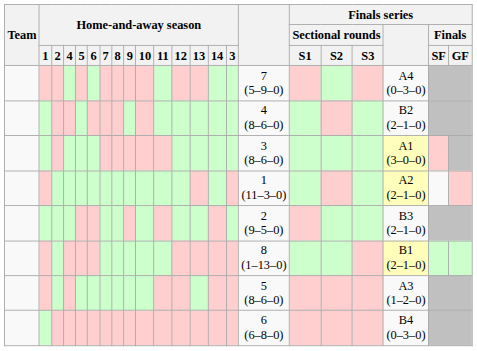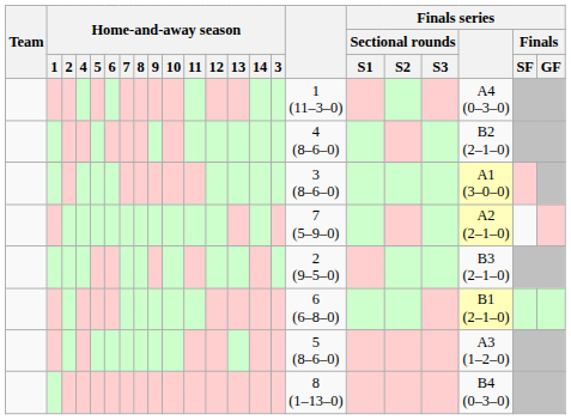 <table class="wikitable sortable" style="font-size:85%; text-align:center">
 <tr>
 <th rowspan=3>Team</th>
 <th colspan=14 rowspan=2>Home-and-away season</th>
 <th rowspan=3></th>
 <th colspan=6>Finals series</th>
 </tr>
 <tr>
 <th colspan=3>Sectional rounds</th>
 <th rowspan=2></th>
 <th colspan=2>Finals</th>
 </tr>
 <tr>
 <th>1</th>
 <th>2</th>
 <th>4</th>
 <th>5</th>
 <th>6</th>
 <th>7</th>
 <th>8</th>
 <th>9</th>
 <th>10</th>
 <th>11</th>
 <th>12</th>
 <th>13</th>
 <th>14</th>
 <th>3</th>
 <th>S1</th>
 <th>S2</th>
 <th>S3</th>
 <th>SF</th>
 <th>GF</th>
 </tr>
 <tr>
 <td align=left></td>
 <td bgcolor=FFCFCF><strong></strong></td>
 <td bgcolor=FFCFCF></td>
 <td bgcolor=CCFFCC></td>
 <td bgcolor=FFCFCF><strong></strong></td>
 <td bgcolor=CCFFCC><strong></strong></td>
 <td bgcolor=FFCFCF></td>
 <td bgcolor=FFCFCF></td>
 <td bgcolor=FFCFCF><strong></strong></td>
 <td bgcolor=FFCFCF></td>
 <td bgcolor=CCFFCC><strong></strong></td>
 <td bgcolor=FFCFCF></td>
 <td bgcolor=FFCFCF></td>
 <td bgcolor=CCFFCC><strong></strong></td>
 <td bgcolor=CCFFCC><strong></strong></td>
-<td>7<br>(5–9–0)</td>
+<td>1<br>(11–3–0)</td>
 <td bgcolor=FFCFCF></td>
 <td bgcolor=CCFFCC><strong></strong></td>
 <td bgcolor=FFCFCF></td>
 <td>A4<br>(0–3–0)</td>
 <td colspan=2 bgcolor=C0C0C0></td>
 </tr>
 <tr>
 <td align=left></td>
 <td bgcolor=CCFFCC><strong></strong></td>
 <td bgcolor=FFCFCF></td>
 <td bgcolor=FFCFCF></td>
 <td bgcolor=CCFFCC><strong></strong></td>
 <td bgcolor=FFCFCF></td>
 <td bgcolor=FFCFCF></td>
 <td bgcolor=FFCFCF></td>
 <td bgcolor=CCFFCC><strong></strong></td>
 <td bgcolor=FFCFCF></td>
 <td bgcolor=CCFFCC><strong></strong></td>
 <td bgcolor=CCFFCC></td>
 <td bgcolor=CCFFCC><strong></strong></td>
 <td bgcolor=CCFFCC><strong></strong></td>
 <td bgcolor=CCFFCC><strong></strong></td>
 <td>4<br>(8–6–0)</td>
 <td bgcolor=CCFFCC><strong></strong></td>
 <td bgcolor=FFCFCF></td>
 <td bgcolor=CCFFCC></td>
 <td>B2<br>(2–1–0)</td>
 <td colspan=2 bgcolor=C0C0C0></td>
 </tr>
 <tr>
 <td align=left></td>
 <td bgcolor=CCFFCC><strong></strong></td>
 <td bgcolor=FFCFCF></td>
 <td bgcolor=CCFFCC><strong></strong></td>
 <td bgcolor=CCFFCC></td>
 <td bgcolor=CCFFCC></td>
 <td bgcolor=FFCFCF></td>
 <td bgcolor=FFCFCF></td>
 <td bgcolor=FFCFCF><strong></strong></td>
 <td bgcolor=FFCFCF></td>
 <td bgcolor=FFCFCF></td>
 <td bgcolor=CCFFCC><strong></strong></td>
 <td bgcolor=CCFFCC><strong></strong></td>
 <td bgcolor=CCFFCC><strong></strong></td>
 <td bgcolor=CCFFCC><strong></strong></td>
 <td>3<br>(8–6–0)</td>
 <td bgcolor=CCFFCC></td>
 <td bgcolor=CCFFCC><strong></strong></td>
 <td bgcolor=CCFFCC><strong></strong></td>
 <td bgcolor=FFFFBB>A1<br>(3–0–0)</td>
 <td bgcolor=FFCFCF><strong></strong></td>
 <td bgcolor=C0C0C0></td>
 </tr>
 <tr>
 <td align=left></td>
 <td bgcolor=FFCFCF></td>
 <td bgcolor=CCFFCC><strong></strong></td>
 <td bgcolor=CCFFCC><strong></strong></td>
 <td bgcolor=CCFFCC></td>
 <td bgcolor=CCFFCC><strong></strong></td>
 <td bgcolor=CCFFCC><strong></strong></td>
 <td bgcolor=CCFFCC><strong></strong></td>
 <td bgcolor=CCFFCC></td>
 <td bgcolor=CCFFCC><strong></strong></td>
 <td bgcolor=CCFFCC></td>
 <td bgcolor=CCFFCC><strong></strong></td>
 <td bgcolor=FFCFCF></td>
 <td bgcolor=CCFFCC></td>
 <td bgcolor=FFCFCF></td>
-<td>1<br>(11–3–0)</td>
+<td>7<br>(5–9–0)</td>
 <td bgcolor=CCFFCC><strong></strong></td>
 <td bgcolor=FFCFCF></td>
 <td bgcolor=CCFFCC><strong></strong></td>
 <td bgcolor=FFFFBB>A2<br>(2–1–0)</td>
 <td></td>
 <td bgcolor=FFCFCF><strong></strong></td>
 </tr>
 <tr>
 <td align=left></td>
 <td bgcolor=CCFFCC></td>
 <td bgcolor=CCFFCC><strong></strong></td>
 <td bgcolor=CCFFCC><strong></strong></td>
 <td bgcolor=FFCFCF></td>
 <td bgcolor=FFCFCF></td>
 <td bgcolor=CCFFCC><strong></strong></td>
 <td bgcolor=CCFFCC><strong></strong></td>
 <td bgcolor=FFCFCF></td>
 <td bgcolor=CCFFCC><strong></strong></td>
 <td bgcolor=FFCFCF></td>
 <td bgcolor=CCFFCC><strong></strong></td>
 <td bgcolor=CCFFCC><strong></strong></td>
 <td bgcolor=FFCFCF></td>
 <td bgcolor=CCFFCC></td>
 <td>2<br>(9–5–0)</td>
 <td bgcolor=FFCFCF></td>
 <td bgcolor=CCFFCC><strong></strong></td>
 <td bgcolor=CCFFCC></td>
 <td>B3<br>(2–1–0)</td>
 <td colspan=2 bgcolor=C0C0C0></td>
 </tr>
 <tr>
 <td align=left></td>
 <td bgcolor=FFCFCF></td>
 <td bgcolor=CCFFCC><strong></strong></td>
 <td bgcolor=FFCFCF></td>
 <td bgcolor=FFCFCF><strong></strong></td>
 <td bgcolor=FFCFCF></td>
 <td bgcolor=CCFFCC><strong></strong></td>
 <td bgcolor=CCFFCC><strong></strong></td>
 <td bgcolor=CCFFCC></td>
 <td bgcolor=CCFFCC><strong></strong></td>
 <td bgcolor=CCFFCC><strong></strong></td>
 <td bgcolor=FFCFCF></td>
 <td bgcolor=FFCFCF><strong></strong></td>
 <td bgcolor=FFCFCF></td>
 <td bgcolor=FFCFCF></td>
-<td>8<br>(1–13–0)</td>
+<td>6<br>(6–8–0)</td>
 <td bgcolor=CCFFCC><strong></strong></td>
 <td bgcolor=CCFFCC></td>
 <td bgcolor=FFCFCF><strong></strong></td>
 <td bgcolor=FFFFBB>B1<br>(2–1–0)</td>
 <td bgcolor=CCFFCC></td>
 <td bgcolor=CCFFCC></td>
 </tr>
 <tr>
 <td align=left></td>
 <td bgcolor=FFCFCF></td>
 <td bgcolor=CCFFCC><strong></strong></td>
 <td bgcolor=FFCFCF></td>
 <td bgcolor=CCFFCC><strong></strong></td>
 <td bgcolor=CCFFCC><strong></strong></td>
 <td bgcolor=CCFFCC><strong></strong></td>
 <td bgcolor=CCFFCC><strong></strong></td>
 <td bgcolor=CCFFCC></td>
 <td bgcolor=CCFFCC><strong></strong></td>
 <td bgcolor=FFCFCF><strong></strong></td>
 <td bgcolor=FFCFCF></td>
 <td bgcolor=CCFFCC></td>
 <td bgcolor=FFCFCF></td>
 <td bgcolor=FFCFCF></td>
 <td>5<br>(8–6–0)</td>
 <td bgcolor=FFCFCF><strong></strong></td>
 <td bgcolor=FFCFCF></td>
 <td bgcolor=FFCFCF></td>
 <td>A3<br>(1–2–0)</td>
 <td colspan=2 bgcolor=C0C0C0></td>
 </tr>
 <tr>
 <td align=left></td>
 <td bgcolor=CCFFCC><strong></strong></td>
 <td bgcolor=FFCFCF></td>
 <td bgcolor=FFCFCF><strong></strong></td>
 <td bgcolor=FFCFCF></td>
 <td bgcolor=FFCFCF><strong></strong></td>
 <td bgcolor=FFCFCF></td>
 <td bgcolor=FFCFCF></td>
 <td bgcolor=FFCFCF><strong></strong></td>
 <td bgcolor=FFCFCF></td>
 <td bgcolor=FFCFCF></td>
 <td bgcolor=FFCFCF><strong></strong></td>
 <td bgcolor=FFCFCF></td>
 <td bgcolor=FFCFCF><strong></strong></td>
 <td bgcolor=FFCFCF><strong></strong></td>
-<td>6<br>(6–8–0)</td>
+<td>8<br>(1–13–0)</td>
 <td bgcolor=FFCFCF></td>
 <td bgcolor=FFCFCF><strong></strong></td>
 <td bgcolor=FFCFCF><strong></strong></td>
 <td>B4<br>(0–3–0)</td>
 <td colspan=2 bgcolor=C0C0C0></td>
 </tr>
 </table>
